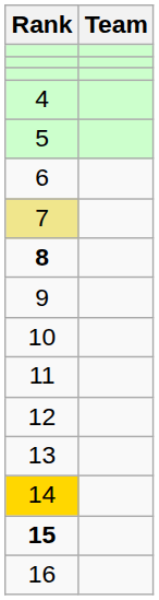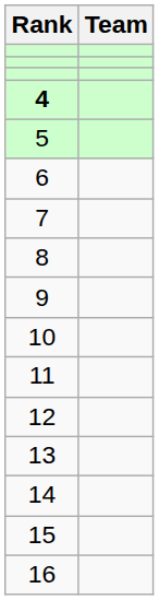 <table class="wikitable">
 <tr>
 <th style="width: 40px;">Rank</th>
 <th>Team</th>
 </tr>
 <tr style="background: #CCFFCC;">
 <td style="text-align: center;"></td>
 <td></td>
 </tr>
 <tr style="background: #CCFFCC;">
 <td style="text-align: center;"></td>
 <td></td>
 </tr>
 <tr style="background: #CCFFCC;">
 <td style="text-align: center;"></td>
 <td></td>
 </tr>
 <tr style="background: #CCFFCC;">
-<td style="text-align: center;">4</td>
+<td style="text-align: center;"><strong>4</strong></td>
 <td></td>
 </tr>
 <tr style="background: #CCFFCC;">
 <td style="text-align: center;">5</td>
 <td></td>
 </tr>
 <tr>
 <td style="text-align: center;">6</td>
 <td></td>
 </tr>
 <tr>
-<td style="background: khaki; text-align: center;">7</td>
+<td style="text-align: center;">7</td>
 <td></td>
 </tr>
 <tr>
-<td style="text-align: center;"><strong>8</strong></td>
+<td style="text-align: center;">8</td>
 <td></td>
 </tr>
 <tr>
 <td style="text-align: center;">9</td>
 <td></td>
 </tr>
 <tr>
 <td style="text-align: center;">10</td>
 <td></td>
 </tr>
 <tr>
 <td style="text-align: center;">11</td>
 <td></td>
 </tr>
 <tr>
 <td style="text-align: center;">12</td>
 <td></td>
 </tr>
 <tr>
 <td style="text-align: center;">13</td>
 <td></td>
 </tr>
 <tr>
-<td style="background: gold; text-align: center;">14</td>
+<td style="text-align: center;">14</td>
 <td></td>
 </tr>
 <tr>
-<td style="text-align: center;"><strong>15</strong></td>
+<td style="text-align: center;">15</td>
 <td></td>
 </tr>
 <tr>
 <td style="text-align: center;">16</td>
 <td></td>
 </tr>
 </table>
